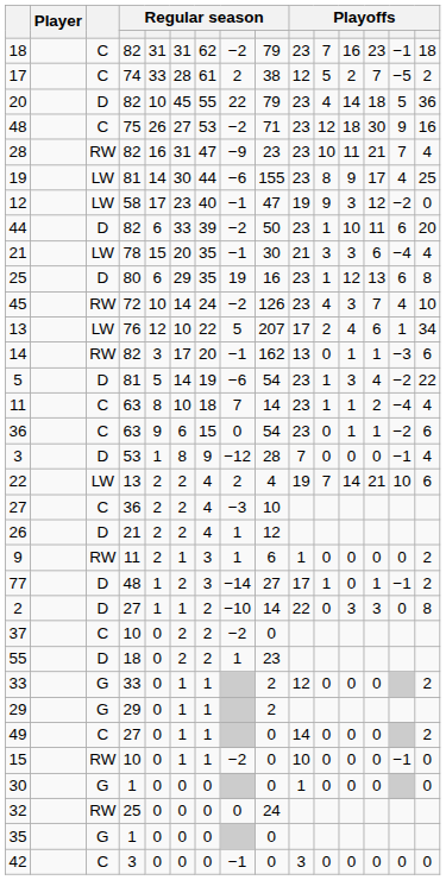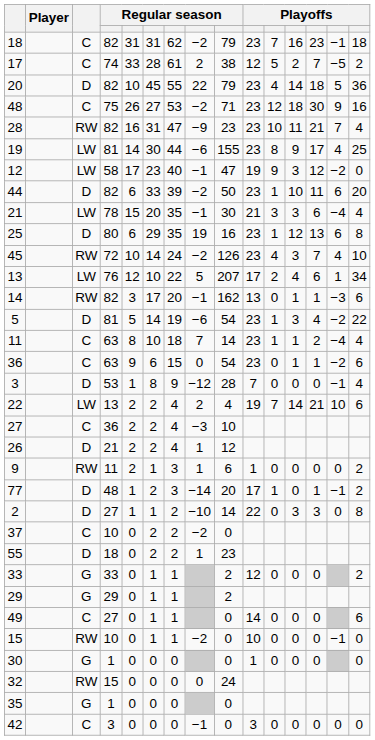 <table class="wikitable sortable plainrowheaders" style="text-align:center;">
 <tr>
 <th scope="col" data-sort-type="number" rowspan="2"></th>
 <th scope="col" rowspan="2">Player</th>
 <th scope="col" rowspan="2"></th>
 <th scope=colgroup colspan=6>Regular season</th>
 <th scope=colgroup colspan=6>Playoffs</th>
 </tr>
 <tr>
 <th scope="col" data-sort-type="number"></th>
 <th scope="col" data-sort-type="number"></th>
 <th scope="col" data-sort-type="number"></th>
 <th scope="col" data-sort-type="number"></th>
 <th scope="col" data-sort-type="number"></th>
 <th scope="col" data-sort-type="number"></th>
 <th scope="col" data-sort-type="number"></th>
 <th scope="col" data-sort-type="number"></th>
 <th scope="col" data-sort-type="number"></th>
 <th scope="col" data-sort-type="number"></th>
 <th scope="col" data-sort-type="number"></th>
 <th scope="col" data-sort-type="number"></th>
 </tr>
 <tr>
 <td scope="row">18</td>
 <td align="left"></td>
 <td>C</td>
 <td>82</td>
 <td>31</td>
 <td>31</td>
 <td>62</td>
 <td>−2</td>
 <td>79</td>
 <td>23</td>
 <td>7</td>
 <td>16</td>
 <td>23</td>
 <td>−1</td>
 <td>18</td>
 </tr>
 <tr>
 <td scope="row">17</td>
 <td align="left"></td>
 <td>C</td>
 <td>74</td>
 <td>33</td>
 <td>28</td>
 <td>61</td>
 <td>2</td>
 <td>38</td>
 <td>12</td>
 <td>5</td>
 <td>2</td>
 <td>7</td>
 <td>−5</td>
 <td>2</td>
 </tr>
 <tr>
 <td scope="row">20</td>
 <td align="left"></td>
 <td>D</td>
 <td>82</td>
 <td>10</td>
 <td>45</td>
 <td>55</td>
 <td>22</td>
 <td>79</td>
 <td>23</td>
 <td>4</td>
 <td>14</td>
 <td>18</td>
 <td>5</td>
 <td>36</td>
 </tr>
 <tr>
 <td scope="row">48</td>
 <td align="left"></td>
 <td>C</td>
 <td>75</td>
 <td>26</td>
 <td>27</td>
 <td>53</td>
 <td>−2</td>
 <td>71</td>
 <td>23</td>
 <td>12</td>
 <td>18</td>
 <td>30</td>
 <td>9</td>
 <td>16</td>
 </tr>
 <tr>
 <td scope="row">28</td>
 <td align="left"></td>
 <td>RW</td>
 <td>82</td>
 <td>16</td>
 <td>31</td>
 <td>47</td>
 <td>−9</td>
 <td>23</td>
 <td>23</td>
 <td>10</td>
 <td>11</td>
 <td>21</td>
 <td>7</td>
 <td>4</td>
 </tr>
 <tr>
 <td scope="row">19</td>
 <td align="left"></td>
 <td>LW</td>
 <td>81</td>
 <td>14</td>
 <td>30</td>
 <td>44</td>
 <td>−6</td>
 <td>155</td>
 <td>23</td>
 <td>8</td>
 <td>9</td>
 <td>17</td>
 <td>4</td>
 <td>25</td>
 </tr>
 <tr>
 <td scope="row">12</td>
 <td align="left"></td>
 <td>LW</td>
 <td>58</td>
 <td>17</td>
 <td>23</td>
 <td>40</td>
 <td>−1</td>
 <td>47</td>
 <td>19</td>
 <td>9</td>
 <td>3</td>
 <td>12</td>
 <td>−2</td>
 <td>0</td>
 </tr>
 <tr>
 <td scope="row">44</td>
 <td align="left"></td>
 <td>D</td>
 <td>82</td>
 <td>6</td>
 <td>33</td>
 <td>39</td>
 <td>−2</td>
 <td>50</td>
 <td>23</td>
 <td>1</td>
 <td>10</td>
 <td>11</td>
 <td>6</td>
 <td>20</td>
 </tr>
 <tr>
 <td scope="row">21</td>
 <td align="left"></td>
 <td>LW</td>
 <td>78</td>
 <td>15</td>
 <td>20</td>
 <td>35</td>
 <td>−1</td>
 <td>30</td>
 <td>21</td>
 <td>3</td>
 <td>3</td>
 <td>6</td>
 <td>−4</td>
 <td>4</td>
 </tr>
 <tr>
 <td scope="row">25</td>
 <td align="left"></td>
 <td>D</td>
 <td>80</td>
 <td>6</td>
 <td>29</td>
 <td>35</td>
 <td>19</td>
 <td>16</td>
 <td>23</td>
 <td>1</td>
 <td>12</td>
 <td>13</td>
 <td>6</td>
 <td>8</td>
 </tr>
 <tr>
 <td scope="row">45</td>
 <td align="left"></td>
 <td>RW</td>
 <td>72</td>
 <td>10</td>
 <td>14</td>
 <td>24</td>
 <td>−2</td>
 <td>126</td>
 <td>23</td>
 <td>4</td>
 <td>3</td>
 <td>7</td>
 <td>4</td>
 <td>10</td>
 </tr>
 <tr>
 <td scope="row">13</td>
 <td align="left"></td>
 <td>LW</td>
 <td>76</td>
 <td>12</td>
 <td>10</td>
 <td>22</td>
 <td>5</td>
 <td>207</td>
 <td>17</td>
 <td>2</td>
 <td>4</td>
 <td>6</td>
 <td>1</td>
 <td>34</td>
 </tr>
 <tr>
 <td scope="row">14</td>
 <td align="left"></td>
 <td>RW</td>
 <td>82</td>
 <td>3</td>
 <td>17</td>
 <td>20</td>
 <td>−1</td>
 <td>162</td>
 <td>13</td>
 <td>0</td>
 <td>1</td>
 <td>1</td>
 <td>−3</td>
 <td>6</td>
 </tr>
 <tr>
 <td scope="row">5</td>
 <td align="left"></td>
 <td>D</td>
 <td>81</td>
 <td>5</td>
 <td>14</td>
 <td>19</td>
 <td>−6</td>
 <td>54</td>
 <td>23</td>
 <td>1</td>
 <td>3</td>
 <td>4</td>
 <td>−2</td>
 <td>22</td>
 </tr>
 <tr>
 <td scope="row">11</td>
 <td align="left"></td>
 <td>C</td>
 <td>63</td>
 <td>8</td>
 <td>10</td>
 <td>18</td>
 <td>7</td>
 <td>14</td>
 <td>23</td>
 <td>1</td>
 <td>1</td>
 <td>2</td>
 <td>−4</td>
 <td>4</td>
 </tr>
 <tr>
 <td scope="row">36</td>
 <td align="left"></td>
 <td>C</td>
 <td>63</td>
 <td>9</td>
 <td>6</td>
 <td>15</td>
 <td>0</td>
 <td>54</td>
 <td>23</td>
 <td>0</td>
 <td>1</td>
 <td>1</td>
 <td>−2</td>
 <td>6</td>
 </tr>
 <tr>
 <td scope="row">3</td>
 <td align="left"></td>
 <td>D</td>
 <td>53</td>
 <td>1</td>
 <td>8</td>
 <td>9</td>
 <td>−12</td>
 <td>28</td>
 <td>7</td>
 <td>0</td>
 <td>0</td>
 <td>0</td>
 <td>−1</td>
 <td>4</td>
 </tr>
 <tr>
 <td scope="row">22</td>
 <td align="left"></td>
 <td>LW</td>
 <td>13</td>
 <td>2</td>
 <td>2</td>
 <td>4</td>
 <td>2</td>
 <td>4</td>
 <td>19</td>
 <td>7</td>
 <td>14</td>
 <td>21</td>
 <td>10</td>
 <td>6</td>
 </tr>
 <tr>
 <td scope="row">27</td>
 <td align="left"></td>
 <td>C</td>
 <td>36</td>
 <td>2</td>
 <td>2</td>
 <td>4</td>
 <td>−3</td>
 <td>10</td>
 <td></td>
 <td></td>
 <td></td>
 <td></td>
 <td></td>
 <td></td>
 </tr>
 <tr>
 <td scope="row">26</td>
 <td align="left"></td>
 <td>D</td>
 <td>21</td>
 <td>2</td>
 <td>2</td>
 <td>4</td>
 <td>1</td>
 <td>12</td>
 <td></td>
 <td></td>
 <td></td>
 <td></td>
 <td></td>
 <td></td>
 </tr>
 <tr>
 <td scope="row">9</td>
 <td align="left"></td>
 <td>RW</td>
 <td>11</td>
 <td>2</td>
 <td>1</td>
 <td>3</td>
 <td>1</td>
 <td>6</td>
 <td>1</td>
 <td>0</td>
 <td>0</td>
 <td>0</td>
 <td>0</td>
 <td>2</td>
 </tr>
 <tr>
 <td scope="row">77</td>
 <td align="left"></td>
 <td>D</td>
 <td>48</td>
 <td>1</td>
 <td>2</td>
 <td>3</td>
 <td>−14</td>
-<td>27</td>
+<td>20</td>
 <td>17</td>
 <td>1</td>
 <td>0</td>
 <td>1</td>
 <td>−1</td>
 <td>2</td>
 </tr>
 <tr>
 <td scope="row">2</td>
 <td align="left"></td>
 <td>D</td>
 <td>27</td>
 <td>1</td>
 <td>1</td>
 <td>2</td>
 <td>−10</td>
 <td>14</td>
 <td>22</td>
 <td>0</td>
 <td>3</td>
 <td>3</td>
 <td>0</td>
 <td>8</td>
 </tr>
 <tr>
 <td scope="row">37</td>
 <td align="left"></td>
 <td>C</td>
 <td>10</td>
 <td>0</td>
 <td>2</td>
 <td>2</td>
 <td>−2</td>
 <td>0</td>
 <td></td>
 <td></td>
 <td></td>
 <td></td>
 <td></td>
 <td></td>
 </tr>
 <tr>
 <td scope="row">55</td>
 <td align="left"></td>
 <td>D</td>
 <td>18</td>
 <td>0</td>
 <td>2</td>
 <td>2</td>
 <td>1</td>
 <td>23</td>
 <td></td>
 <td></td>
 <td></td>
 <td></td>
 <td></td>
 <td></td>
 </tr>
 <tr>
 <td scope="row">33</td>
 <td align="left"></td>
 <td>G</td>
 <td>33</td>
 <td>0</td>
 <td>1</td>
 <td>1</td>
 <td style="background:#ccc"></td>
 <td>2</td>
 <td>12</td>
 <td>0</td>
 <td>0</td>
 <td>0</td>
 <td style="background:#ccc"></td>
 <td>2</td>
 </tr>
 <tr>
 <td scope="row">29</td>
 <td align="left"></td>
 <td>G</td>
 <td>29</td>
 <td>0</td>
 <td>1</td>
 <td>1</td>
 <td style="background:#ccc"></td>
 <td>2</td>
 <td></td>
 <td></td>
 <td></td>
 <td></td>
 <td></td>
 <td></td>
 </tr>
 <tr>
 <td scope="row">49</td>
 <td align="left"></td>
 <td>C</td>
 <td>27</td>
 <td>0</td>
 <td>1</td>
 <td>1</td>
 <td style="background:#ccc"></td>
 <td>0</td>
 <td>14</td>
 <td>0</td>
 <td>0</td>
 <td>0</td>
 <td style="background:#ccc"></td>
-<td>2</td>
+<td>6</td>
 </tr>
 <tr>
 <td scope="row">15</td>
 <td align="left"></td>
 <td>RW</td>
 <td>10</td>
 <td>0</td>
 <td>1</td>
 <td>1</td>
 <td>−2</td>
 <td>0</td>
 <td>10</td>
 <td>0</td>
 <td>0</td>
 <td>0</td>
 <td>−1</td>
 <td>0</td>
 </tr>
 <tr>
 <td scope="row">30</td>
 <td align="left"></td>
 <td>G</td>
 <td>1</td>
 <td>0</td>
 <td>0</td>
 <td>0</td>
 <td style="background:#ccc"></td>
 <td>0</td>
 <td>1</td>
 <td>0</td>
 <td>0</td>
 <td>0</td>
 <td style="background:#ccc"></td>
 <td>0</td>
 </tr>
 <tr>
 <td scope="row">32</td>
 <td align="left"></td>
 <td>RW</td>
-<td>25</td>
+<td>15</td>
 <td>0</td>
 <td>0</td>
 <td>0</td>
 <td>0</td>
 <td>24</td>
 <td></td>
 <td></td>
 <td></td>
 <td></td>
 <td></td>
 <td></td>
 </tr>
 <tr>
 <td scope="row">35</td>
 <td align="left"></td>
 <td>G</td>
 <td>1</td>
 <td>0</td>
 <td>0</td>
 <td>0</td>
 <td style="background:#ccc"></td>
 <td>0</td>
 <td></td>
 <td></td>
 <td></td>
 <td></td>
 <td></td>
 <td></td>
 </tr>
 <tr>
 <td scope="row">42</td>
 <td align="left"></td>
 <td>C</td>
 <td>3</td>
 <td>0</td>
 <td>0</td>
 <td>0</td>
 <td>−1</td>
 <td>0</td>
 <td>3</td>
 <td>0</td>
 <td>0</td>
 <td>0</td>
 <td>0</td>
 <td>0</td>
 </tr>
 </table>
